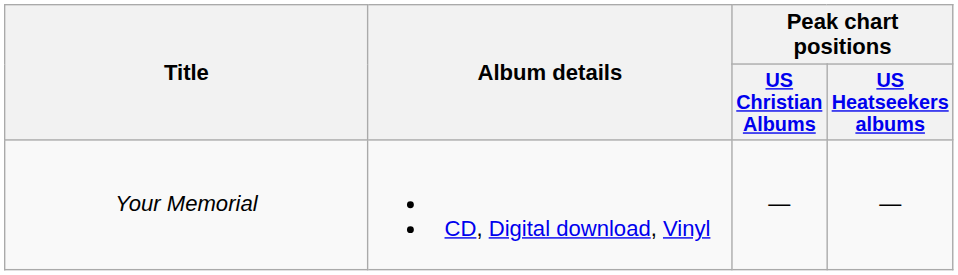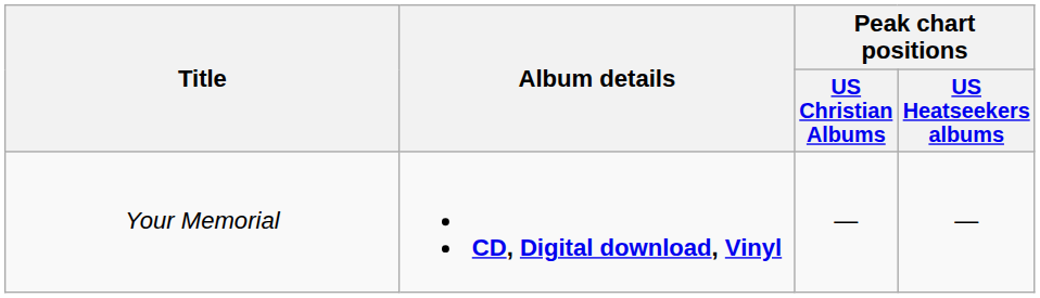 <table class="wikitable plainrowheaders" style="text-align:center;">
 <tr>
 <th scope="col" rowspan="2" style="width:16em;">Title</th>
 <th scope="col" rowspan="2" style="width:16em;">Album details</th>
 <th scope="col" colspan="2">Peak chart positions</th>
 </tr>
 <tr>
 <th style="width:3em; font-size:90%"><a href='#'>US<br>Christian Albums</a></th>
 <th style="width:3em; font-size:90%"><a href='#'>US<br>Heatseekers albums</a></th>
 </tr>
 <tr>
 <td !scope="row"><em>Your Memorial</em></td>
-<td><br><ul><li></li><li><a href='#'>CD</a>, <a href='#'>Digital download</a>, <a href='#'>Vinyl</a></li></ul></td>
+<td><strong><br><ul><li></li><li><a href='#'>CD</a>, <a href='#'>Digital download</a>, <a href='#'>Vinyl</a></li></ul></strong></td>
 <td>—</td>
 <td>—</td>
 </tr>
 </table>
